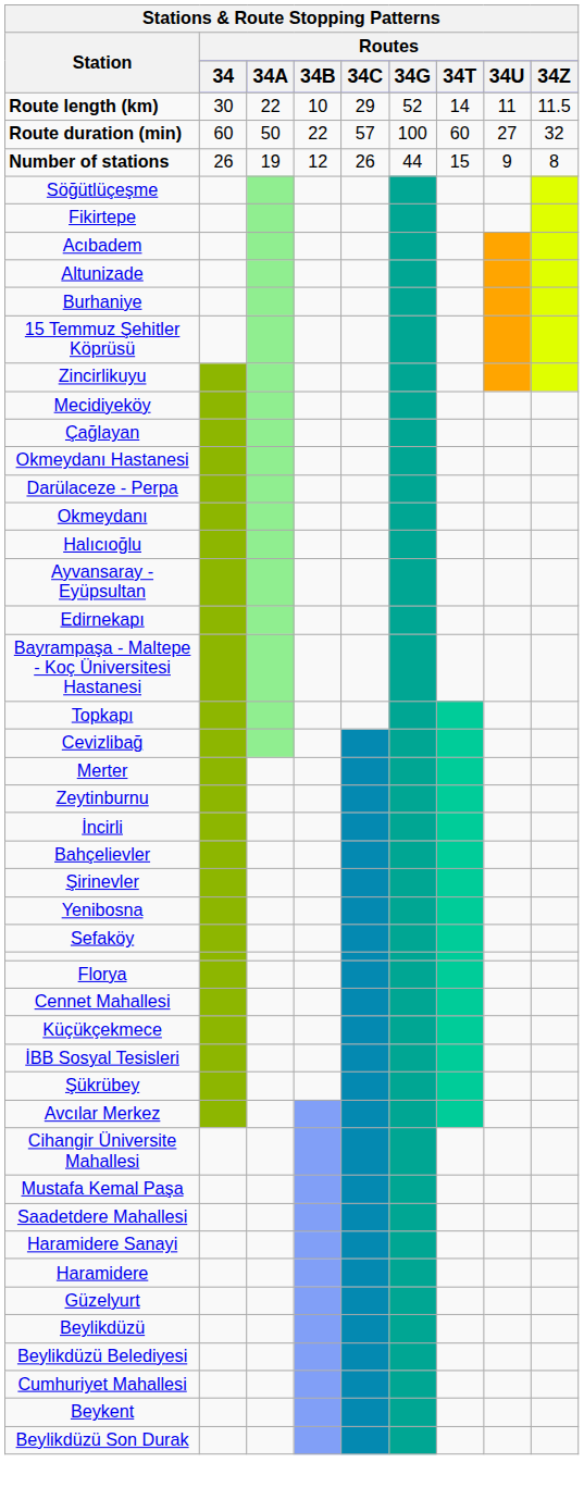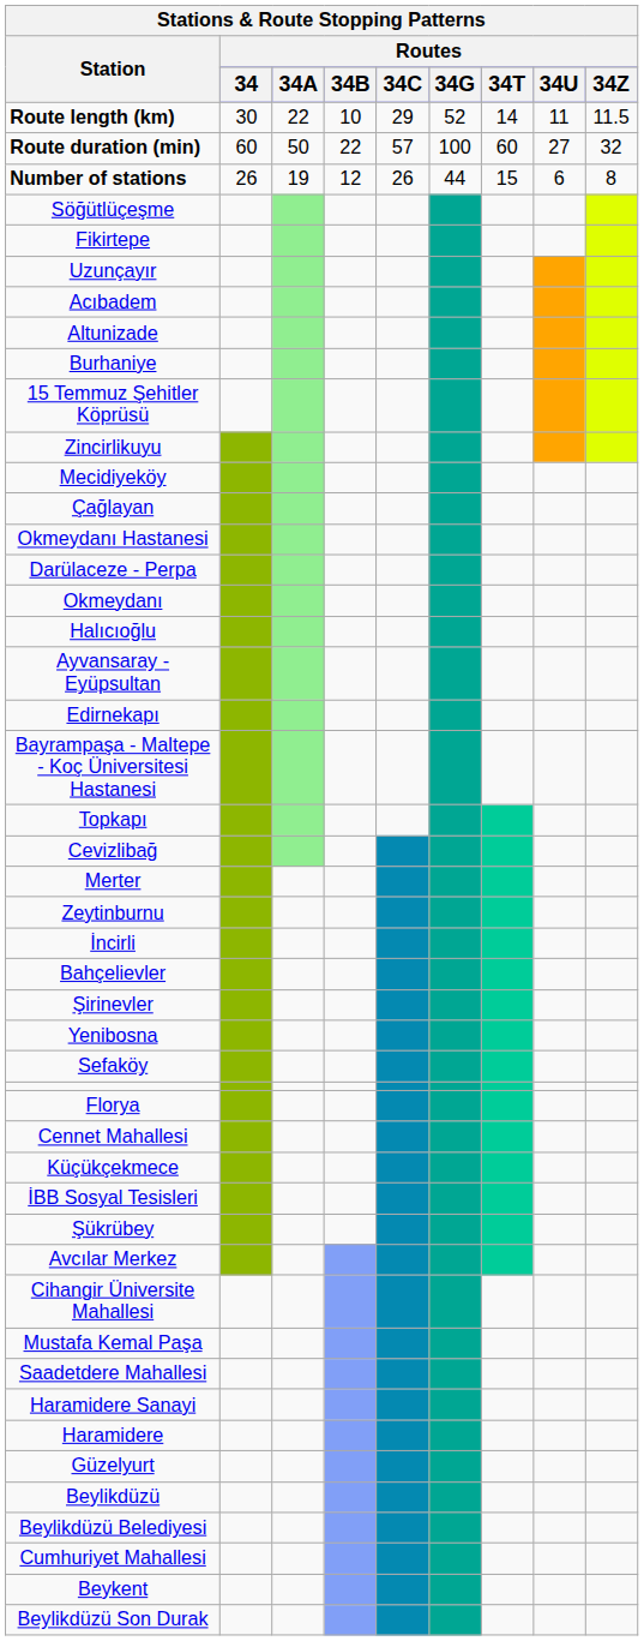 <table class="wikitable collapsible collapsed" border="1" cellpadding="1" style="border-collapse:collapse">
 <tr font-size:100%>
 <th Colspan="9">Stations & Route Stopping Patterns</th>
 </tr>
 <tr>
 <th width="170"; rowspan="2">Station</th>
 <th Colspan="8">Routes </th>
 </tr>
 <tr style="text-align:center; background:#0000FF; font-size:110%;">
 <th style="width: 35px;">34</th>
 <th style="width: 35px;">34A</th>
 <th style="width: 35px;">34B</th>
 <th style="width: 35px;">34C</th>
 <th style="width: 35px;">34G</th>
 <th style="width: 35px;">34T</th>
 <th style="width: 35px;">34U</th>
 <th style="width: 35px;">34Z</th>
 </tr>
 <tr style="text-align:center">
 <td align=left><strong>Route length (km)</strong></td>
 <td>30</td>
 <td>22</td>
 <td>10</td>
 <td>29</td>
 <td>52</td>
 <td>14</td>
 <td>11</td>
 <td>11.5</td>
 </tr>
 <tr style="text-align:center">
 <td align=left><strong>Route duration (min)</strong></td>
 <td>60</td>
 <td>50</td>
 <td>22</td>
 <td>57</td>
 <td>100</td>
 <td>60</td>
 <td>27</td>
 <td>32</td>
 </tr>
 <tr style="text-align:center">
 <td align=left><strong>Number of stations</strong></td>
 <td>26</td>
 <td>19</td>
 <td>12</td>
 <td>26</td>
 <td>44</td>
 <td>15</td>
-<td>9</td>
+<td>6</td>
 <td>8</td>
 </tr>
 <tr style="text-align:center">
 <td><a href='#'>Söğütlüçeşme</a></td>
 <td></td>
 <td style="background:lightgreen"></td>
 <td></td>
 <td></td>
 <td style="background:#00A693"></td>
 <td></td>
 <td></td>
 <td style="background:#DFFF00"></td>
 </tr>
 <tr style="text-align:center">
 <td><a href='#'>Fikirtepe</a></td>
 <td></td>
 <td style="background:lightgreen"></td>
 <td></td>
 <td></td>
 <td style="background:#00A693"></td>
 <td></td>
 <td></td>
+<td style="background:#DFFF00"></td>
+</tr>
+<tr style="text-align:center">
+<td><a href='#'>Uzunçayır</a></td>
+<td></td>
+<td style="background:lightgreen"></td>
+<td></td>
+<td></td>
+<td style="background:#00A693"></td>
+<td></td>
+<td style="background:orange"></td>
 <td style="background:#DFFF00"></td>
 </tr>
 <tr style="text-align:center">
 <td><a href='#'>Acıbadem</a></td>
 <td></td>
 <td style="background:lightgreen"></td>
 <td></td>
 <td></td>
 <td style="background:#00A693"></td>
 <td></td>
 <td style="background:orange"></td>
 <td style="background:#DFFF00"></td>
 </tr>
 <tr style="text-align:center">
 <td><a href='#'>Altunizade</a></td>
 <td></td>
 <td style="background:lightgreen"></td>
 <td></td>
 <td></td>
 <td style="background:#00A693"></td>
 <td></td>
 <td style="background:orange"></td>
 <td style="background:#DFFF00"></td>
 </tr>
 <tr style="text-align:center">
 <td><a href='#'>Burhaniye</a></td>
 <td></td>
 <td style="background:lightgreen"></td>
 <td></td>
 <td></td>
 <td style="background:#00A693"></td>
 <td></td>
 <td style="background:orange"></td>
 <td style="background:#DFFF00"></td>
 </tr>
 <tr style="text-align:center">
 <td><a href='#'>15 Temmuz Şehitler Köprüsü</a></td>
 <td></td>
 <td style="background:lightgreen"></td>
 <td></td>
 <td></td>
 <td style="background:#00A693"></td>
 <td></td>
 <td style="background:orange"></td>
 <td style="background:#DFFF00"></td>
 </tr>
 <tr style="text-align:center">
 <td><a href='#'>Zincirlikuyu</a></td>
 <td style="background:#8DB600"></td>
 <td style="background:lightgreen"></td>
 <td></td>
 <td></td>
 <td style="background:#00A693"></td>
 <td></td>
 <td style="background:orange"></td>
 <td style="background:#DFFF00"></td>
 </tr>
 <tr style="text-align:center">
 <td><a href='#'>Mecidiyeköy</a></td>
 <td style="background:#8DB600"></td>
 <td style="background:lightgreen"></td>
 <td></td>
 <td></td>
 <td style="background:#00A693"></td>
 <td></td>
 <td></td>
 <td></td>
 </tr>
 <tr style="text-align:center">
 <td><a href='#'>Çağlayan</a></td>
 <td style="background:#8DB600"></td>
 <td style="background:lightgreen"></td>
 <td></td>
 <td></td>
 <td style="background:#00A693"></td>
 <td></td>
 <td></td>
 <td></td>
 </tr>
 <tr style="text-align:center">
 <td><a href='#'>Okmeydanı Hastanesi</a></td>
 <td style="background:#8DB600"></td>
 <td style="background:lightgreen"></td>
 <td></td>
 <td></td>
 <td style="background:#00A693"></td>
 <td></td>
 <td></td>
 <td></td>
 </tr>
 <tr style="text-align:center">
 <td><a href='#'>Darülaceze - Perpa</a></td>
 <td style="background:#8DB600"></td>
 <td style="background:lightgreen"></td>
 <td></td>
 <td></td>
 <td style="background:#00A693"></td>
 <td></td>
 <td></td>
 <td></td>
 </tr>
 <tr style="text-align:center">
 <td><a href='#'>Okmeydanı</a></td>
 <td style="background:#8DB600"></td>
 <td style="background:lightgreen"></td>
 <td></td>
 <td></td>
 <td style="background:#00A693"></td>
 <td></td>
 <td></td>
 <td></td>
 </tr>
 <tr style="text-align:center">
 <td><a href='#'>Halıcıoğlu</a></td>
 <td style="background:#8DB600"></td>
 <td style="background:lightgreen"></td>
 <td></td>
 <td></td>
 <td style="background:#00A693"></td>
 <td></td>
 <td></td>
 <td></td>
 </tr>
 <tr style="text-align:center">
 <td><a href='#'>Ayvansaray - Eyüpsultan</a></td>
 <td style="background:#8DB600"></td>
 <td style="background:lightgreen"></td>
 <td></td>
 <td></td>
 <td style="background:#00A693"></td>
 <td></td>
 <td></td>
 <td></td>
 </tr>
 <tr style="text-align:center">
 <td><a href='#'>Edirnekapı</a></td>
 <td style="background:#8DB600"></td>
 <td style="background:lightgreen"></td>
 <td></td>
 <td></td>
 <td style="background:#00A693"></td>
 <td></td>
 <td></td>
 <td></td>
 </tr>
 <tr style="text-align:center">
 <td><a href='#'>Bayrampaşa - Maltepe -  Koç Üniversitesi Hastanesi</a></td>
 <td style="background:#8DB600"></td>
 <td style="background:lightgreen"></td>
 <td></td>
 <td></td>
 <td style="background:#00A693"></td>
 <td></td>
 <td></td>
 <td></td>
 </tr>
 <tr style="text-align:center">
 <td><a href='#'>Topkapı</a></td>
 <td style="background:#8DB600"></td>
 <td style="background:lightgreen"></td>
 <td></td>
 <td></td>
 <td style="background:#00A693"></td>
 <td style="background:#00CC99"></td>
 <td></td>
 <td></td>
 </tr>
 <tr style="text-align:center">
 <td><a href='#'>Cevizlibağ</a></td>
 <td style="background:#8DB600"></td>
 <td style="background:lightgreen"></td>
 <td></td>
 <td style="background:#0489B1"></td>
 <td style="background:#00A693"></td>
 <td style="background:#00CC99"></td>
 <td></td>
 <td></td>
 </tr>
 <tr style="text-align:center">
 <td><a href='#'>Merter</a></td>
 <td style="background:#8DB600"></td>
 <td></td>
 <td></td>
 <td style="background:#0489B1"></td>
 <td style="background:#00A693"></td>
 <td style="background:#00CC99"></td>
 <td></td>
 <td></td>
 </tr>
 <tr style="text-align:center">
 <td><a href='#'>Zeytinburnu</a></td>
 <td style="background:#8DB600"></td>
 <td></td>
 <td></td>
 <td style="background:#0489B1"></td>
 <td style="background:#00A693"></td>
 <td style="background:#00CC99"></td>
 <td></td>
 <td></td>
 </tr>
 <tr style="text-align:center">
 <td><a href='#'>İncirli</a></td>
 <td style="background:#8DB600"></td>
 <td></td>
 <td></td>
 <td style="background:#0489B1"></td>
 <td style="background:#00A693"></td>
 <td style="background:#00CC99"></td>
 <td></td>
 <td></td>
 </tr>
 <tr style="text-align:center">
 <td><a href='#'>Bahçelievler</a></td>
 <td style="background:#8DB600"></td>
 <td></td>
 <td></td>
 <td style="background:#0489B1"></td>
 <td style="background:#00A693"></td>
 <td style="background:#00CC99"></td>
 <td></td>
 <td></td>
 </tr>
 <tr style="text-align:center">
 <td><a href='#'>Şirinevler</a></td>
 <td style="background:#8DB600"></td>
 <td></td>
 <td></td>
 <td style="background:#0489B1"></td>
 <td style="background:#00A693"></td>
 <td style="background:#00CC99"></td>
 <td></td>
 <td></td>
 </tr>
 <tr style="text-align:center">
 <td><a href='#'>Yenibosna</a></td>
 <td style="background:#8DB600"></td>
 <td></td>
 <td></td>
 <td style="background:#0489B1"></td>
 <td style="background:#00A693"></td>
 <td style="background:#00CC99"></td>
 <td></td>
 <td></td>
 </tr>
 <tr style="text-align:center">
 <td><a href='#'>Sefaköy</a></td>
 <td style="background:#8DB600"></td>
 <td></td>
 <td></td>
 <td style="background:#0489B1"></td>
 <td style="background:#00A693"></td>
 <td style="background:#00CC99"></td>
 <td></td>
 <td></td>
 </tr>
 <tr style="text-align:center">
 <td></td>
 <td style="background:#8DB600"></td>
 <td></td>
 <td></td>
 <td style="background:#0489B1"></td>
 <td style="background:#00A693"></td>
 <td style="background:#00CC99"></td>
 <td></td>
 <td></td>
 </tr>
 <tr style="text-align:center">
 <td><a href='#'>Florya</a></td>
 <td style="background:#8DB600"></td>
 <td></td>
 <td></td>
 <td style="background:#0489B1"></td>
 <td style="background:#00A693"></td>
 <td style="background:#00CC99"></td>
 <td></td>
 <td></td>
 </tr>
 <tr style="text-align:center">
 <td><a href='#'>Cennet Mahallesi</a></td>
 <td style="background:#8DB600"></td>
 <td></td>
 <td></td>
 <td style="background:#0489B1"></td>
 <td style="background:#00A693"></td>
 <td style="background:#00CC99"></td>
 <td></td>
 <td></td>
 </tr>
 <tr style="text-align:center">
 <td><a href='#'>Küçükçekmece</a></td>
 <td style="background:#8DB600"></td>
 <td></td>
 <td></td>
 <td style="background:#0489B1"></td>
 <td style="background:#00A693"></td>
 <td style="background:#00CC99"></td>
 <td></td>
 <td></td>
 </tr>
 <tr style="text-align:center">
 <td><a href='#'>İBB Sosyal Tesisleri</a></td>
 <td style="background:#8DB600"></td>
 <td></td>
 <td></td>
 <td style="background:#0489B1"></td>
 <td style="background:#00A693"></td>
 <td style="background:#00CC99"></td>
 <td></td>
 <td></td>
 </tr>
 <tr style="text-align:center">
 <td><a href='#'>Şükrübey</a></td>
 <td style="background:#8DB600"></td>
 <td></td>
 <td></td>
 <td style="background:#0489B1"></td>
 <td style="background:#00A693"></td>
 <td style="background:#00CC99"></td>
 <td></td>
 <td></td>
 </tr>
 <tr style="text-align:center">
 <td><a href='#'>Avcılar Merkez</a></td>
 <td style="background:#8DB600"></td>
 <td></td>
 <td style="background:#819FF7"></td>
 <td style="background:#0489B1"></td>
 <td style="background:#00A693"></td>
 <td style="background:#00CC99"></td>
 <td></td>
 <td></td>
 </tr>
 <tr style="text-align:center">
 <td><a href='#'>Cihangir Üniversite Mahallesi</a></td>
 <td></td>
 <td></td>
 <td style="background:#819FF7"></td>
 <td style="background:#0489B1"></td>
 <td style="background:#00A693"></td>
 <td></td>
 <td></td>
 <td></td>
 </tr>
 <tr style="text-align:center">
 <td><a href='#'>Mustafa Kemal Paşa</a></td>
 <td></td>
 <td></td>
 <td style="background:#819FF7"></td>
 <td style="background:#0489B1"></td>
 <td style="background:#00A693"></td>
 <td></td>
 <td></td>
 <td></td>
 </tr>
 <tr style="text-align:center">
 <td><a href='#'>Saadetdere Mahallesi</a></td>
 <td></td>
 <td></td>
 <td style="background:#819FF7"></td>
 <td style="background:#0489B1"></td>
 <td style="background:#00A693"></td>
 <td></td>
 <td></td>
 <td></td>
 </tr>
 <tr style="text-align:center">
 <td><a href='#'>Haramidere Sanayi</a></td>
 <td></td>
 <td></td>
 <td style="background:#819FF7"></td>
 <td style="background:#0489B1"></td>
 <td style="background:#00A693"></td>
 <td></td>
 <td></td>
 <td></td>
 </tr>
 <tr style="text-align:center">
 <td><a href='#'>Haramidere</a></td>
 <td></td>
 <td></td>
 <td style="background:#819FF7"></td>
 <td style="background:#0489B1"></td>
 <td style="background:#00A693"></td>
 <td></td>
 <td></td>
 <td></td>
 </tr>
 <tr style="text-align:center">
 <td><a href='#'>Güzelyurt</a></td>
 <td></td>
 <td></td>
 <td style="background:#819FF7"></td>
 <td style="background:#0489B1"></td>
 <td style="background:#00A693"></td>
 <td></td>
 <td></td>
 <td></td>
 </tr>
 <tr style="text-align:center">
 <td><a href='#'>Beylikdüzü</a></td>
 <td></td>
 <td></td>
 <td style="background:#819FF7"></td>
 <td style="background:#0489B1"></td>
 <td style="background:#00A693"></td>
 <td></td>
 <td></td>
 <td></td>
 </tr>
 <tr style="text-align:center">
 <td><a href='#'>Beylikdüzü Belediyesi</a></td>
 <td></td>
 <td></td>
 <td style="background:#819FF7"></td>
 <td style="background:#0489B1"></td>
 <td style="background:#00A693"></td>
 <td></td>
 <td></td>
 <td></td>
 </tr>
 <tr style="text-align:center">
 <td><a href='#'>Cumhuriyet Mahallesi</a></td>
 <td></td>
 <td></td>
 <td style="background:#819FF7"></td>
 <td style="background:#0489B1"></td>
 <td style="background:#00A693"></td>
 <td></td>
 <td></td>
 <td></td>
 </tr>
 <tr style="text-align:center">
 <td><a href='#'>Beykent</a></td>
 <td></td>
 <td></td>
 <td style="background:#819FF7"></td>
 <td style="background:#0489B1"></td>
 <td style="background:#00A693"></td>
 <td></td>
 <td></td>
 <td></td>
 </tr>
 <tr style="text-align:center">
 <td><a href='#'>Beylikdüzü Son Durak</a></td>
 <td></td>
 <td></td>
 <td style="background:#819FF7"></td>
 <td style="background:#0489B1"></td>
 <td style="background:#00A693"></td>
 <td></td>
 <td></td>
 <td></td>
 </tr>
 </table>
